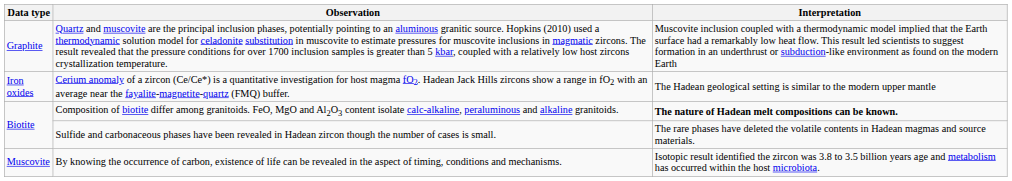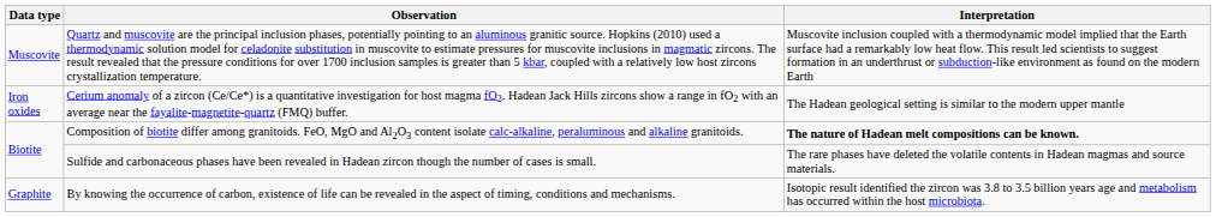 <table class="wikitable">
 <tr>
 <th>Data type</th>
 <th>Observation</th>
 <th>Interpretation</th>
 </tr>
 <tr>
-<td><a href='#'>Graphite</a></td>
+<td><a href='#'>Muscovite</a></td>
 <td><a href='#'>Quartz</a> and <a href='#'>muscovite</a> are the principal inclusion phases, potentially pointing to an <a href='#'>aluminous</a> granitic source. Hopkins (2010) used a <a href='#'>thermodynamic</a> solution model for <a href='#'>celadonite</a> <a href='#'>substitution</a> in muscovite to estimate pressures for muscovite inclusions in <a href='#'>magmatic</a> zircons. The result revealed that the pressure conditions for over 1700 inclusion samples is greater than 5 <a href='#'>kbar</a>, coupled with a relatively low host zircons crystallization temperature.</td>
 <td>Muscovite inclusion coupled with a thermodynamic model implied that the Earth surface had a remarkably low heat flow. This result led scientists to suggest formation in an underthrust or <a href='#'>subduction</a>-like environment as found on the modern Earth</td>
 </tr>
 <tr>
 <td><a href='#'>Iron oxides</a></td>
 <td><a href='#'>Cerium anomaly</a> of a zircon (Ce/Ce*) is a quantitative investigation for host magma <a href='#'>fO<sub>2</sub></a>. Hadean Jack Hills zircons show a range in fO<sub>2</sub> with an average near the <a href='#'>fayalite</a>-<a href='#'>magnetite</a>-<a href='#'>quartz</a> (FMQ) buffer.</td>
 <td>The Hadean geological setting is similar to the modern upper mantle</td>
 </tr>
 <tr>
 <td rowspan="2"><a href='#'>Biotite</a></td>
 <td>Composition of <a href='#'>biotite</a> differ among granitoids. FeO, MgO and Al<sub>2</sub>O<sub>3</sub> content isolate <a href='#'>calc-alkaline</a>, <a href='#'>peraluminous</a> and <a href='#'>alkaline</a> granitoids.</td>
 <td><strong>The nature of Hadean melt compositions can be known.</strong></td>
 </tr>
 <tr>
 <td>Sulfide and carbonaceous phases have been revealed in Hadean zircon though the number of cases is small.</td>
 <td>The rare phases have deleted the volatile contents in Hadean magmas and source materials.</td>
 </tr>
 <tr>
-<td><a href='#'>Muscovite</a></td>
+<td><a href='#'>Graphite</a></td>
 <td>By knowing the occurrence of carbon, existence of life can be revealed in the aspect of timing, conditions and mechanisms.</td>
 <td>Isotopic result identified the zircon was 3.8 to 3.5 billion years age and <a href='#'>metabolism</a> has occurred within the host <a href='#'>microbiota</a>.</td>
 </tr>
 </table>
